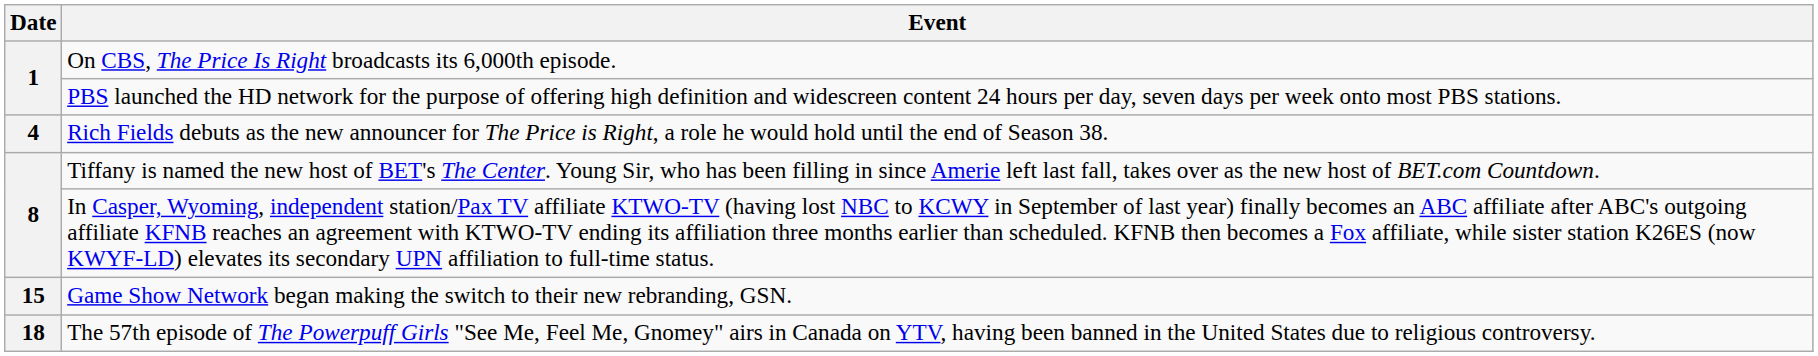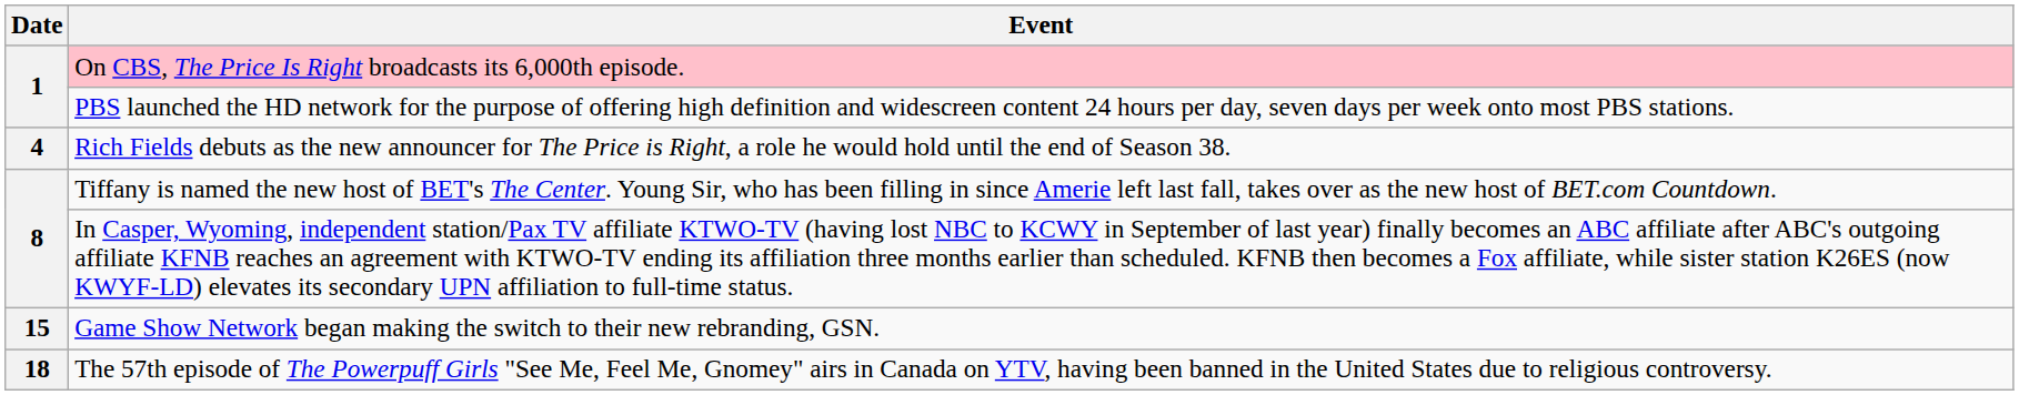 <table class="wikitable">
 <tr>
 <th>Date</th>
 <th>Event</th>
 </tr>
 <tr>
 <th rowspan="2">1</th>
-<td>On <a href='#'>CBS</a>, <em><a href='#'>The Price Is Right</a></em> broadcasts its 6,000th episode.</td>
+<td style="background: pink;">On <a href='#'>CBS</a>, <em><a href='#'>The Price Is Right</a></em> broadcasts its 6,000th episode.</td>
 </tr>
 <tr>
 <td><a href='#'>PBS</a> launched the HD network for the purpose of offering high definition and widescreen content 24 hours per day, seven days per week onto most PBS stations.</td>
 </tr>
 <tr>
 <th>4</th>
 <td><a href='#'>Rich Fields</a> debuts as the new announcer for <em>The Price is Right</em>, a role he would hold until the end of Season 38.</td>
 </tr>
 <tr>
 <th style="text-align:center;" rowspan="2">8</th>
 <td>Tiffany is named the new host of <a href='#'>BET</a>'s <em><a href='#'>The Center</a></em>. Young Sir, who has been filling in since <a href='#'>Amerie</a> left last fall, takes over as the new host of <em>BET.com Countdown</em>.</td>
 </tr>
 <tr>
 <td>In <a href='#'>Casper, Wyoming</a>, <a href='#'>independent</a> station/<a href='#'>Pax TV</a> affiliate <a href='#'>KTWO-TV</a> (having lost <a href='#'>NBC</a> to <a href='#'>KCWY</a> in September of last year) finally becomes an <a href='#'>ABC</a> affiliate after ABC's outgoing affiliate <a href='#'>KFNB</a> reaches an agreement with KTWO-TV ending its affiliation three months earlier than scheduled. KFNB then becomes a <a href='#'>Fox</a> affiliate, while sister station K26ES (now <a href='#'>KWYF-LD</a>) elevates its secondary <a href='#'>UPN</a> affiliation to full-time status.</td>
 </tr>
 <tr>
 <th>15</th>
 <td><a href='#'>Game Show Network</a> began making the switch to their new rebranding, GSN.</td>
 </tr>
 <tr>
 <th>18</th>
 <td>The 57th episode of <em><a href='#'>The Powerpuff Girls</a></em> "See Me, Feel Me, Gnomey" airs in Canada on <a href='#'>YTV</a>, having been banned in the United States due to religious controversy.</td>
 </tr>
 </table>
